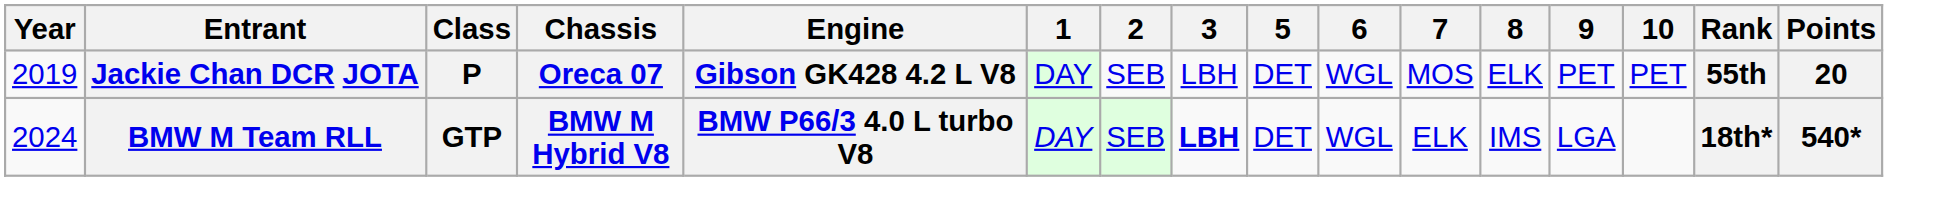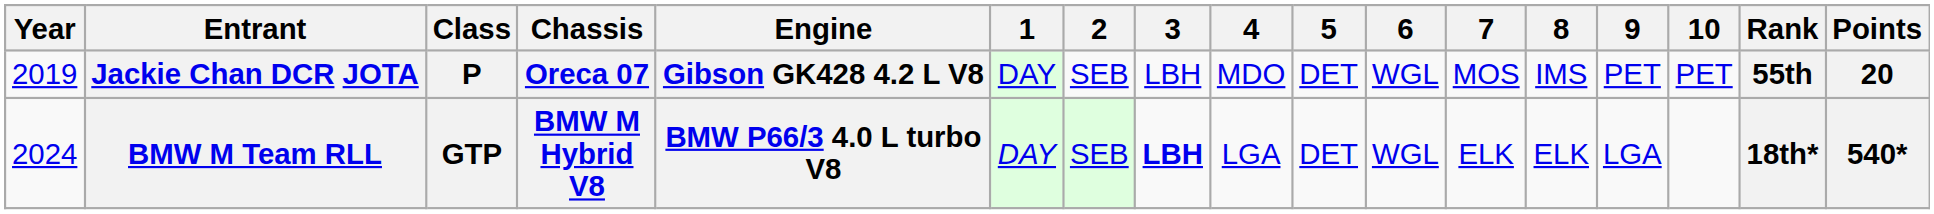 <table class="wikitable" style="text-align:center; font-size:85%">
 <tr>
 <th>Year</th>
 <th>Entrant</th>
 <th>Class</th>
 <th>Chassis</th>
 <th>Engine</th>
 <th>1</th>
 <th>2</th>
 <th>3</th>
+<th>4</th>
 <th>5</th>
 <th>6</th>
 <th>7</th>
 <th>8</th>
 <th>9</th>
 <th>10</th>
 <th>Rank</th>
 <th>Points</th>
 </tr>
 <tr>
 <td><a href='#'>2019</a></td>
 <th nowrap><a href='#'>Jackie Chan DCR</a> <a href='#'>JOTA</a></th>
 <th>P</th>
 <th nowrap><a href='#'>Oreca 07</a></th>
 <th nowrap><a href='#'>Gibson</a> GK428 4.2 L V8</th>
 <td style="background:#DFFFDF;"><a href='#'>DAY</a><br></td>
 <td><a href='#'>SEB</a></td>
 <td><a href='#'>LBH</a></td>
+<td><a href='#'>MDO</a></td>
 <td><a href='#'>DET</a></td>
 <td><a href='#'>WGL</a></td>
 <td><a href='#'>MOS</a></td>
-<td><a href='#'>ELK</a></td>
+<td><a href='#'>IMS</a></td>
 <td><a href='#'>PET</a></td>
 <td><a href='#'>PET</a></td>
 <th>55th</th>
 <th>20</th>
 </tr>
 <tr>
 <td><a href='#'>2024</a></td>
 <th><a href='#'>BMW M Team RLL</a></th>
 <th>GTP</th>
 <th><a href='#'>BMW M Hybrid V8</a></th>
 <th><a href='#'>BMW P66/3</a> 4.0 L turbo V8</th>
 <td style="background:#DFFFDF;"><em><a href='#'>DAY</a></em><br></td>
 <td style="background:#DFFFDF;"><a href='#'>SEB</a><br></td>
 <td><strong><a href='#'>LBH</a></strong></td>
+<td><a href='#'>LGA</a></td>
 <td><a href='#'>DET</a></td>
 <td><a href='#'>WGL</a></td>
 <td><a href='#'>ELK</a></td>
-<td><a href='#'>IMS</a></td>
+<td><a href='#'>ELK</a></td>
 <td><a href='#'>LGA</a></td>
 <td></td>
 <th>18th*</th>
 <th>540*</th>
 </tr>
 </table>
